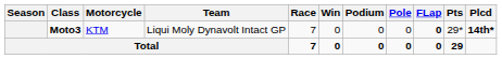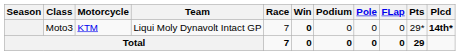 <table class="wikitable" style=text-align:right;">
 <tr>
 <th>Season</th>
 <th>Class</th>
 <th>Motorcycle</th>
 <th>Team</th>
 <th>Race</th>
 <th>Win</th>
 <th>Podium</th>
 <th><a href='#'>Pole</a></th>
 <th><a href='#'>FLap</a></th>
 <th>Pts</th>
 <th>Plcd</th>
 </tr>
 <tr>
 <th></th>
-<td><strong>Moto3</strong></td>
+<td>Moto3</td>
 <td style="text-align:left;"><a href='#'>KTM</a></td>
 <td style="text-align:left;">Liqui Moly Dynavolt Intact GP</td>
 <td>7</td>
+<td><strong>0</strong></td>
 <td>0</td>
 <td>0</td>
 <td>0</td>
-<td><strong>0</strong></td>
 <td>29*</td>
 <td><strong>14th*</strong></td>
 </tr>
 <tr>
 <th colspan="4">Total</th>
 <td><strong>7</strong></td>
 <td><strong>0</strong></td>
 <td><strong>0</strong></td>
 <td><strong>0</strong></td>
 <td><strong>0</strong></td>
 <td><strong>29</strong></td>
 <td></td>
 </tr>
 </table>
